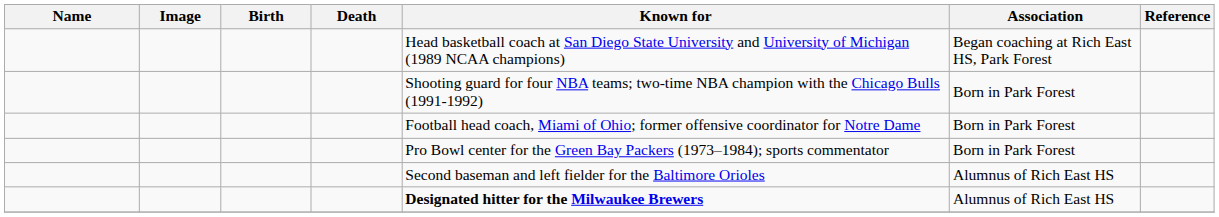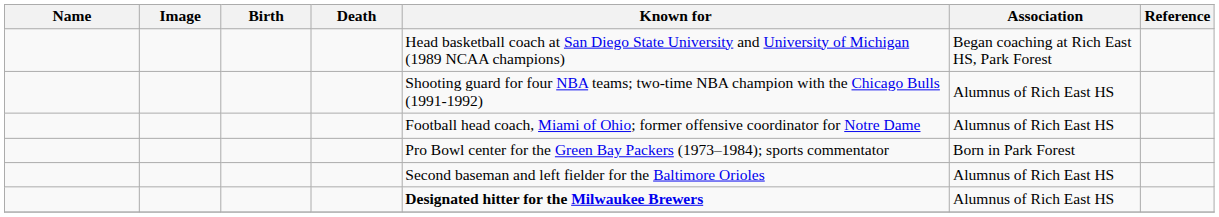 <table class="wikitable sortable">
 <tr>
 <th scope="col" width="140">Name</th>
 <th scope="col" width="80" class="unsortable">Image</th>
 <th scope="col" width="90">Birth</th>
 <th scope="col" width="90">Death</th>
 <th scope="col" width="600" class="unsortable">Known for</th>
 <th scope="col" width="200" class="unsortable">Association</th>
 <th scope="col" width="30" class="unsortable">Reference</th>
 </tr>
 <tr>
 <td></td>
 <td></td>
 <td align=right></td>
 <td></td>
 <td>Head basketball coach at <a href='#'>San Diego State University</a> and <a href='#'>University of Michigan</a> (1989 NCAA champions)</td>
 <td>Began coaching at Rich East HS, Park Forest</td>
 <td align="center"></td>
 </tr>
 <tr>
 <td></td>
 <td></td>
 <td align=right></td>
 <td></td>
 <td>Shooting guard for four <a href='#'>NBA</a> teams; two-time NBA champion with the <a href='#'>Chicago Bulls</a> (1991-1992)</td>
-<td>Born in Park Forest</td>
+<td>Alumnus of Rich East HS</td>
 <td align="center"></td>
 </tr>
 <tr>
 <td></td>
 <td></td>
 <td align=right></td>
 <td></td>
 <td>Football head coach, <a href='#'>Miami of Ohio</a>; former offensive coordinator for <a href='#'>Notre Dame</a></td>
-<td>Born in Park Forest</td>
+<td>Alumnus of Rich East HS</td>
 <td align="center"></td>
 </tr>
 <tr>
 <td></td>
 <td></td>
 <td align=right></td>
 <td></td>
 <td>Pro Bowl center for the <a href='#'>Green Bay Packers</a> (1973–1984); sports commentator</td>
 <td>Born in Park Forest</td>
 <td align="center"></td>
 </tr>
 <tr>
 <td></td>
 <td></td>
 <td align=right></td>
 <td></td>
 <td>Second baseman and left fielder for the <a href='#'>Baltimore Orioles</a></td>
 <td>Alumnus of Rich East HS</td>
 <td align="center"></td>
 </tr>
 <tr>
 <td></td>
 <td></td>
 <td align=right></td>
 <td></td>
 <td><strong>Designated hitter for the <a href='#'>Milwaukee Brewers</a></strong></td>
 <td>Alumnus of Rich East HS</td>
 <td align-"center"></td>
 </tr>
 <tr>
 </tr>
 </table>
